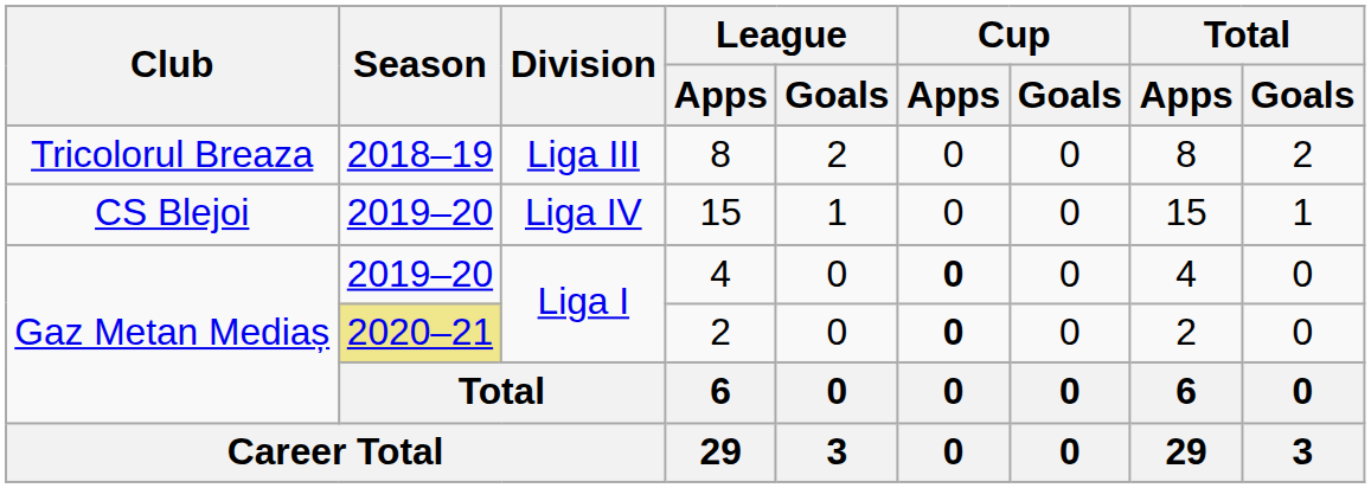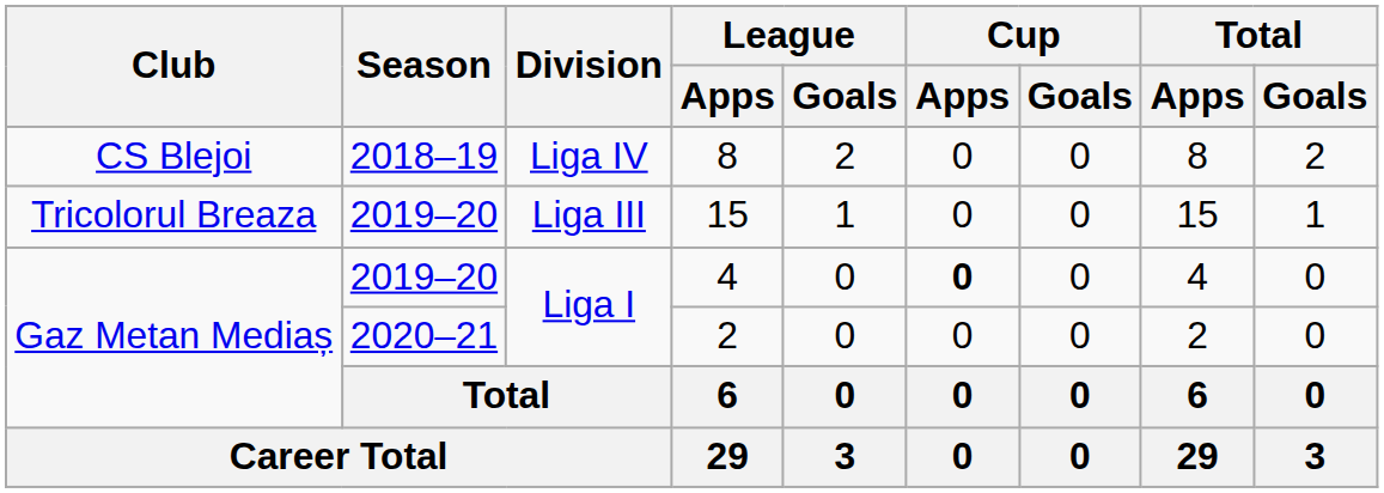 <table class="wikitable" style="text-align:center;">
 <tr>
 <th rowspan="2">Club</th>
 <th rowspan="2">Season</th>
 <th rowspan="2">Division</th>
 <th colspan="2">League</th>
 <th colspan="2">Cup</th>
 <th colspan="2">Total</th>
 </tr>
 <tr>
 <th>Apps</th>
 <th>Goals</th>
 <th>Apps</th>
 <th>Goals</th>
 <th>Apps</th>
 <th>Goals</th>
 </tr>
 <tr>
-<td><a href='#'>Tricolorul Breaza</a></td>
+<td><a href='#'>CS Blejoi</a></td>
 <td><a href='#'>2018–19</a></td>
-<td><a href='#'>Liga III</a></td>
+<td><a href='#'>Liga IV</a></td>
 <td>8</td>
 <td>2</td>
 <td>0</td>
 <td>0</td>
 <td>8</td>
 <td>2</td>
 </tr>
 <tr>
-<td><a href='#'>CS Blejoi</a></td>
+<td><a href='#'>Tricolorul Breaza</a></td>
 <td><a href='#'>2019–20</a></td>
-<td><a href='#'>Liga IV</a></td>
+<td><a href='#'>Liga III</a></td>
 <td>15</td>
 <td>1</td>
 <td>0</td>
 <td>0</td>
 <td>15</td>
 <td>1</td>
 </tr>
 <tr>
 <td rowspan="3"><a href='#'>Gaz Metan Mediaș</a></td>
 <td><a href='#'>2019–20</a></td>
 <td rowspan="2"><a href='#'>Liga I</a></td>
 <td>4</td>
 <td>0</td>
 <td><strong>0</strong></td>
 <td>0</td>
 <td>4</td>
 <td>0</td>
 </tr>
 <tr>
-<td style="background: khaki;"><a href='#'>2020–21</a></td>
+<td><a href='#'>2020–21</a></td>
 <td>2</td>
 <td>0</td>
-<td><strong>0</strong></td>
+<td>0</td>
 <td>0</td>
 <td>2</td>
 <td>0</td>
 </tr>
 <tr>
 <th colspan="2">Total</th>
 <th>6</th>
 <th>0</th>
 <th>0</th>
 <th>0</th>
 <th>6</th>
 <th>0</th>
 </tr>
 <tr>
 <th colspan="3">Career Total</th>
 <th>29</th>
 <th>3</th>
 <th>0</th>
 <th>0</th>
 <th>29</th>
 <th>3</th>
 </tr>
 </table>
